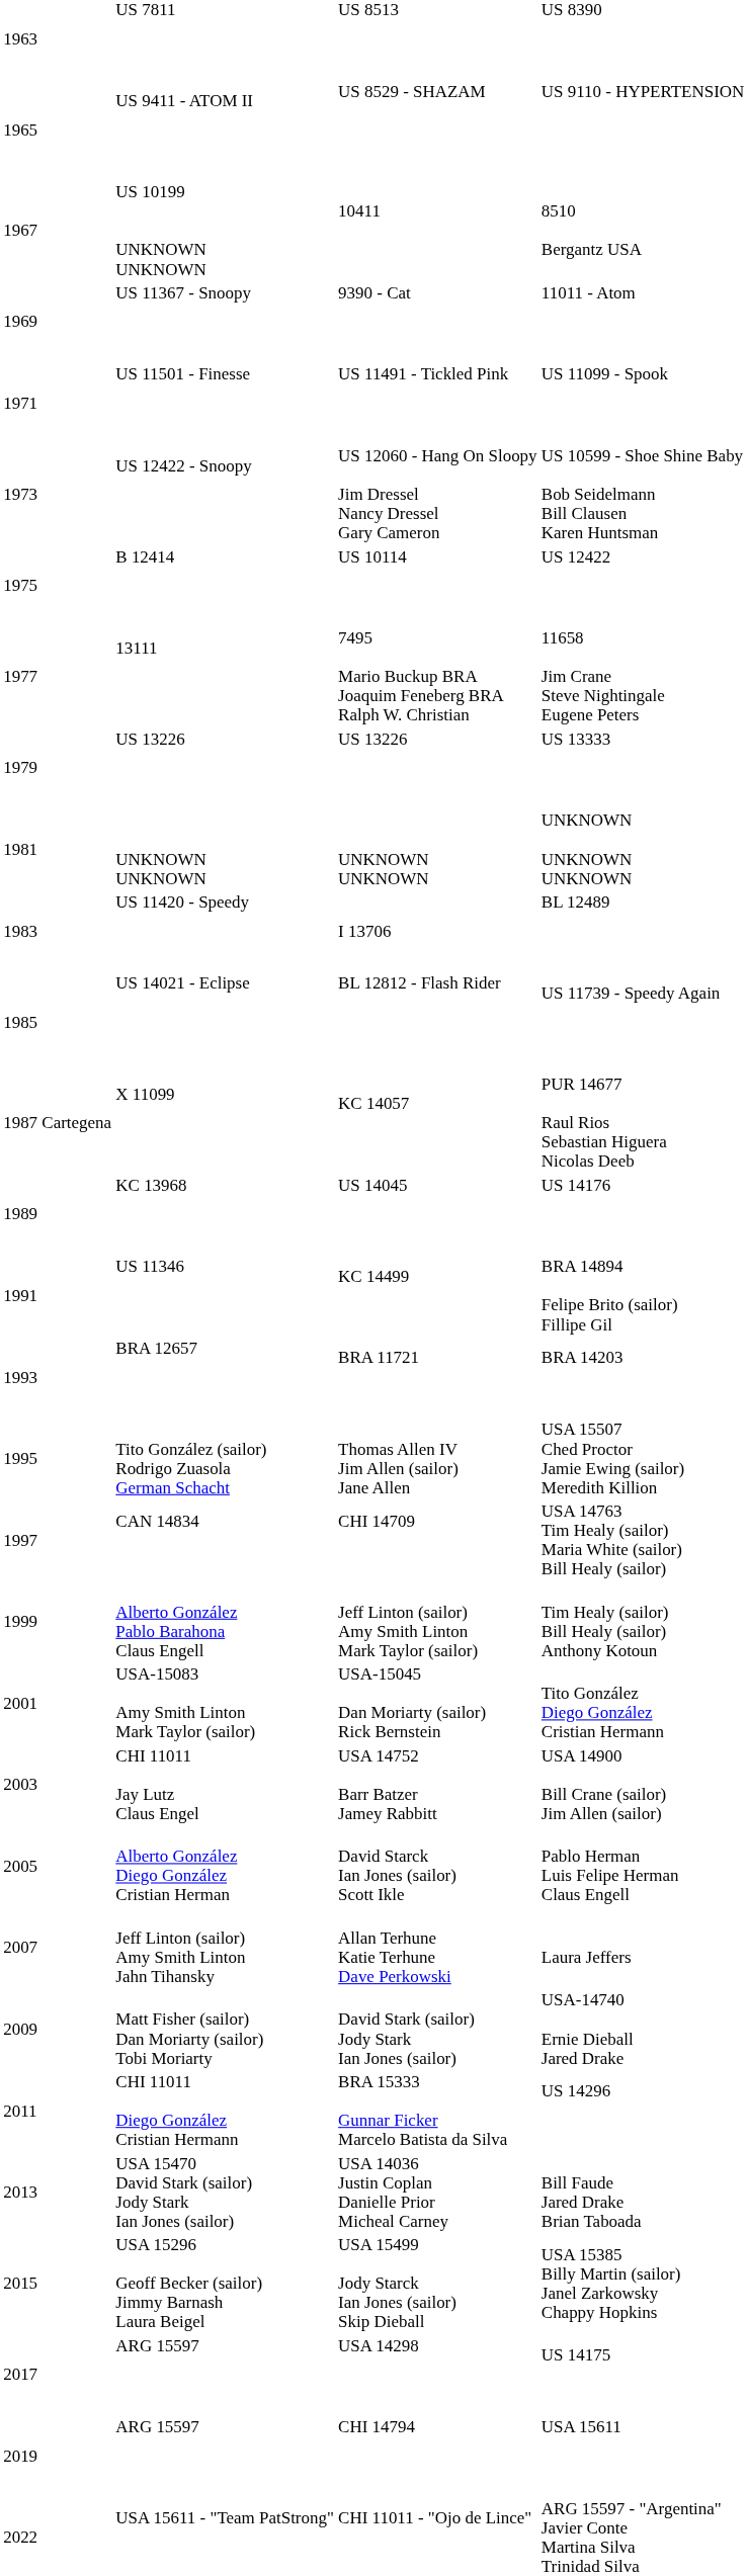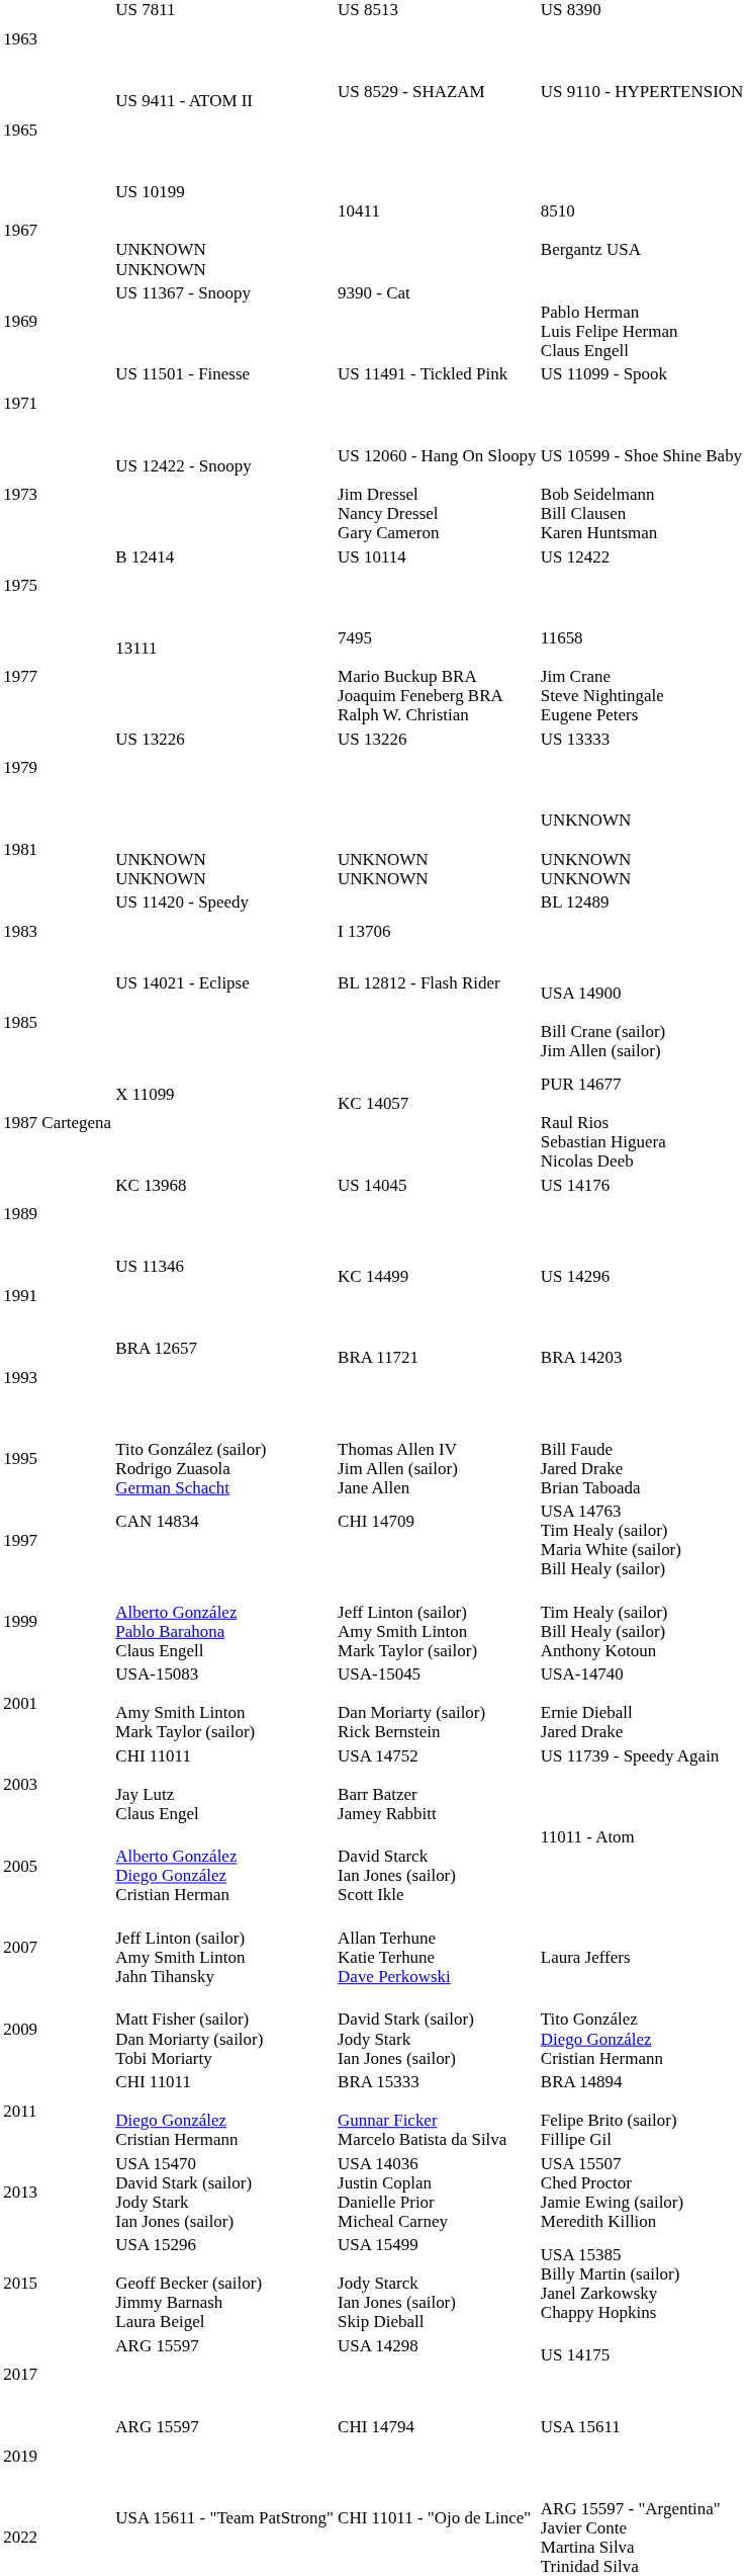 <table>
 <tr>
 <td>1963</td>
 <td>US 7811<br><br><br> <br> </td>
 <td>US 8513<br><br><br> <br> </td>
 <td>US 8390<br><br><br> <br> </td>
 <td></td>
 </tr>
 <tr>
 <td>1965</td>
 <td>US 9411 - ATOM II<br><br><br> <br> </td>
 <td>US 8529 - SHAZAM<br><br><br> <br> <br></td>
 <td>US 9110 - HYPERTENSION<br><br><br> <br> <br></td>
 <td></td>
 </tr>
 <tr>
 <td>1967</td>
 <td>US 10199<br><br><br> UNKNOWN<br> UNKNOWN</td>
 <td>10411<br><br><br></td>
 <td>8510<br><br>Bergantz USA</td>
 <td></td>
 </tr>
 <tr>
 <td>1969</td>
 <td>US 11367 - Snoopy<br><br><br> <br> </td>
 <td>9390 - Cat<br><br><br> <br> </td>
-<td>11011 - Atom<br><br><br> <br> </td>
+<td><br>Pablo Herman<br>Luis Felipe Herman<br>Claus Engell</td>
 <td></td>
 </tr>
 <tr>
 <td>1971</td>
 <td>US 11501 - Finesse<br><br><br> <br> </td>
 <td>US 11491 - Tickled Pink<br><br><br> <br> </td>
 <td>US 11099 - Spook <br><br><br> <br> </td>
 <td></td>
 </tr>
 <tr>
 <td>1973<br></td>
 <td>US 12422 - Snoopy<br><br><br> <br> </td>
 <td>US 12060 - Hang On Sloopy<br><br>Jim Dressel<br> Nancy Dressel<br> Gary Cameron</td>
 <td>US 10599 - Shoe Shine Baby<br><br>Bob Seidelmann<br> Bill Clausen<br> Karen Huntsman</td>
 <td></td>
 </tr>
 <tr>
 <td>1975<br></td>
 <td>B 12414<br><br><br> <br> </td>
 <td>US 10114<br><br><br> <br> </td>
 <td>US 12422<br><br><br> <br> </td>
 <td></td>
 </tr>
 <tr>
 <td>1977<br></td>
 <td>13111<br><br><br> <br> </td>
 <td>7495<br><br>Mario Buckup BRA<br> Joaquim	Feneberg BRA<br> Ralph W. Christian</td>
 <td>11658<br><br>Jim	Crane<br> Steve Nightingale<br>	 Eugene Peters</td>
 <td></td>
 </tr>
 <tr>
 <td>1979<br></td>
 <td>US	13226<br><br><br> <br> </td>
 <td>US	13226<br><br><br> <br> </td>
 <td>US	13333<br><br><br> <br> </td>
 <td></td>
 </tr>
 <tr>
 <td>1981<br></td>
 <td><br><br>UNKNOWN<br> UNKNOWN</td>
 <td><br><br>UNKNOWN<br> UNKNOWN</td>
 <td>UNKNOWN<br><br>UNKNOWN<br> UNKNOWN</td>
 <td></td>
 </tr>
 <tr>
 <td>1983<br></td>
 <td>US 11420 - Speedy<br><br><br> <br> </td>
 <td>I 13706<br>  </td>
 <td>BL 12489<br><br><br> <br> </td>
 <td></td>
 </tr>
 <tr>
 <td>1985<br></td>
 <td>US 14021 - Eclipse<br><br><br> <br> <br></td>
 <td>BL 12812 - Flash Rider<br><br><br> <br> <br> </td>
-<td>US 11739 - Speedy Again<br><br><br> <br> </td>
+<td>USA 14900<br><br>Bill Crane (sailor)<br>Jim Allen (sailor)</td>
 <td></td>
 </tr>
 <tr>
 <td>1987 Cartegena</td>
 <td>X 11099<br><br><br> <br> </td>
 <td>KC 14057<br><br> <br> </td>
 <td>PUR 14677<br><br>Raul Rios<br> Sebastian Higuera<br> Nicolas Deeb</td>
 <td></td>
 </tr>
 <tr>
 <td>1989</td>
 <td>KC 13968<br><br><br> <br> </td>
 <td>US 14045<br><br><br> <br> </td>
 <td>US 14176<br><br><br> <br> </td>
 <td></td>
 </tr>
 <tr>
 <td>1991</td>
 <td>US 11346<br><br><br> <br> </td>
 <td>KC 14499<br><br><br></td>
-<td>BRA 14894<br><br>Felipe Brito (sailor)<br>Fillipe Gil</td>
+<td>US 14296<br><br><br></td>
 <td></td>
 </tr>
 <tr>
 <td>1993</td>
 <td>BRA 12657<br><br><br> <br> </td>
 <td>BRA 11721<br><br><br></td>
 <td>BRA 14203<br><br><br></td>
 <td></td>
 </tr>
 <tr>
 <td>1995</td>
 <td><br>Tito González (sailor)<br>Rodrigo Zuasola<br><a href='#'>German Schacht</a></td>
 <td><br>Thomas Allen IV<br>Jim Allen (sailor)<br>Jane Allen</td>
-<td>USA 15507<br>Ched Proctor<br>Jamie Ewing (sailor)<br>Meredith Killion</td>
+<td><br>Bill Faude<br>Jared Drake<br>Brian Taboada</td>
 <td></td>
 </tr>
 <tr>
 <td>1997</td>
 <td>CAN 14834<br><br><br></td>
 <td>CHI 14709<br><br><br></td>
 <td>USA 14763<br>Tim Healy (sailor)<br>Maria White (sailor)<br>Bill Healy (sailor)</td>
 <td></td>
 </tr>
 <tr>
 <td>1999</td>
 <td><br><a href='#'>Alberto González</a><br><a href='#'>Pablo Barahona</a><br>Claus Engell</td>
 <td><br>Jeff Linton (sailor)<br>Amy Smith Linton <br>Mark Taylor (sailor)</td>
 <td><br>Tim Healy (sailor)<br>Bill Healy (sailor)<br>Anthony Kotoun</td>
 <td></td>
 </tr>
 <tr>
 <td>2001</td>
 <td>USA-15083<br><br>Amy Smith Linton<br>Mark Taylor (sailor)</td>
 <td>USA-15045<br><br>Dan Moriarty (sailor)<br>Rick Bernstein</td>
-<td><br>Tito González<br><a href='#'>Diego González</a><br>Cristian Hermann</td>
+<td>USA-14740<br><br>Ernie Dieball<br>Jared Drake</td>
 <td></td>
 </tr>
 <tr>
 <td>2003</td>
 <td>CHI 11011<br><br>Jay Lutz<br>Claus Engel</td>
 <td>USA 14752<br><br>Barr Batzer<br>Jamey Rabbitt</td>
-<td>USA 14900<br><br>Bill Crane (sailor)<br>Jim Allen (sailor)</td>
+<td>US 11739 - Speedy Again<br><br><br> <br> </td>
 <td></td>
 </tr>
 <tr>
 <td>2005<br></td>
 <td><br><a href='#'>Alberto González</a><br><a href='#'>Diego González</a><br>Cristian Herman</td>
 <td><br>David Starck<br>Ian Jones (sailor)<br>Scott Ikle</td>
-<td><br>Pablo Herman<br>Luis Felipe Herman<br>Claus Engell</td>
+<td>11011 - Atom<br><br><br> <br> </td>
 <td></td>
 </tr>
 <tr>
 <td>2007<br></td>
 <td><br>Jeff Linton (sailor)<br>Amy Smith Linton<br>Jahn Tihansky</td>
 <td><br>Allan Terhune<br>Katie Terhune<br><a href='#'>Dave Perkowski</a></td>
 <td><br>Laura Jeffers</td>
 <td></td>
 </tr>
 <tr>
 <td>2009<br></td>
 <td><br>Matt Fisher (sailor)<br>Dan Moriarty (sailor)<br>Tobi Moriarty</td>
 <td><br>David Stark (sailor)<br>Jody Stark<br>Ian Jones (sailor)</td>
-<td>USA-14740<br><br>Ernie Dieball<br>Jared Drake</td>
+<td><br>Tito González<br><a href='#'>Diego González</a><br>Cristian Hermann</td>
 <td></td>
 </tr>
 <tr>
 <td>2011<br></td>
 <td>CHI 11011<br><br><a href='#'>Diego González</a><br>Cristian Hermann</td>
 <td>BRA 15333<br><br><a href='#'>Gunnar Ficker</a><br>Marcelo Batista da Silva</td>
-<td>US 14296<br><br><br></td>
+<td>BRA 14894<br><br>Felipe Brito (sailor)<br>Fillipe Gil</td>
 <td></td>
 </tr>
 <tr>
 <td>2013<br></td>
 <td>USA 15470<br>David Stark (sailor)<br>Jody Stark<br>Ian Jones (sailor)</td>
 <td>USA 14036<br>Justin Coplan<br>Danielle Prior<br>Micheal Carney</td>
-<td><br>Bill Faude<br>Jared Drake<br>Brian Taboada</td>
+<td>USA 15507<br>Ched Proctor<br>Jamie Ewing (sailor)<br>Meredith Killion</td>
 <td></td>
 </tr>
 <tr>
 <td>2015</td>
 <td>USA 15296<br><br>Geoff Becker (sailor)<br> Jimmy Barnash<br> Laura Beigel</td>
 <td>USA 15499<br><br>Jody Starck<br> Ian Jones (sailor)<br>Skip Dieball</td>
 <td>USA 15385<br>Billy Martin (sailor)<br>Janel Zarkowsky<br>Chappy Hopkins</td>
 <td></td>
 </tr>
 <tr>
 <td>2017<br></td>
 <td>ARG 15597<br><br><br> <br> </td>
 <td>USA 14298<br><br><br> <br> </td>
 <td>US 14175<br><br> <br> </td>
 <td></td>
 </tr>
 <tr>
 <td>2019<br></td>
 <td>ARG 15597<br><br><br> <br> </td>
 <td>CHI 14794<br><br><br> <br> </td>
 <td>USA 15611<br><br><br><br> </td>
 <td></td>
 </tr>
 <tr>
 <td>2022<br></td>
 <td>USA 15611 - "Team PatStrong"<br><br><br></td>
 <td>CHI 11011 - "Ojo de Lince"<br><br><br></td>
 <td>ARG 15597 - "Argentina"<br>Javier Conte<br>Martina Silva<br>Trinidad Silva</td>
 <td></td>
 </tr>
 </table>
